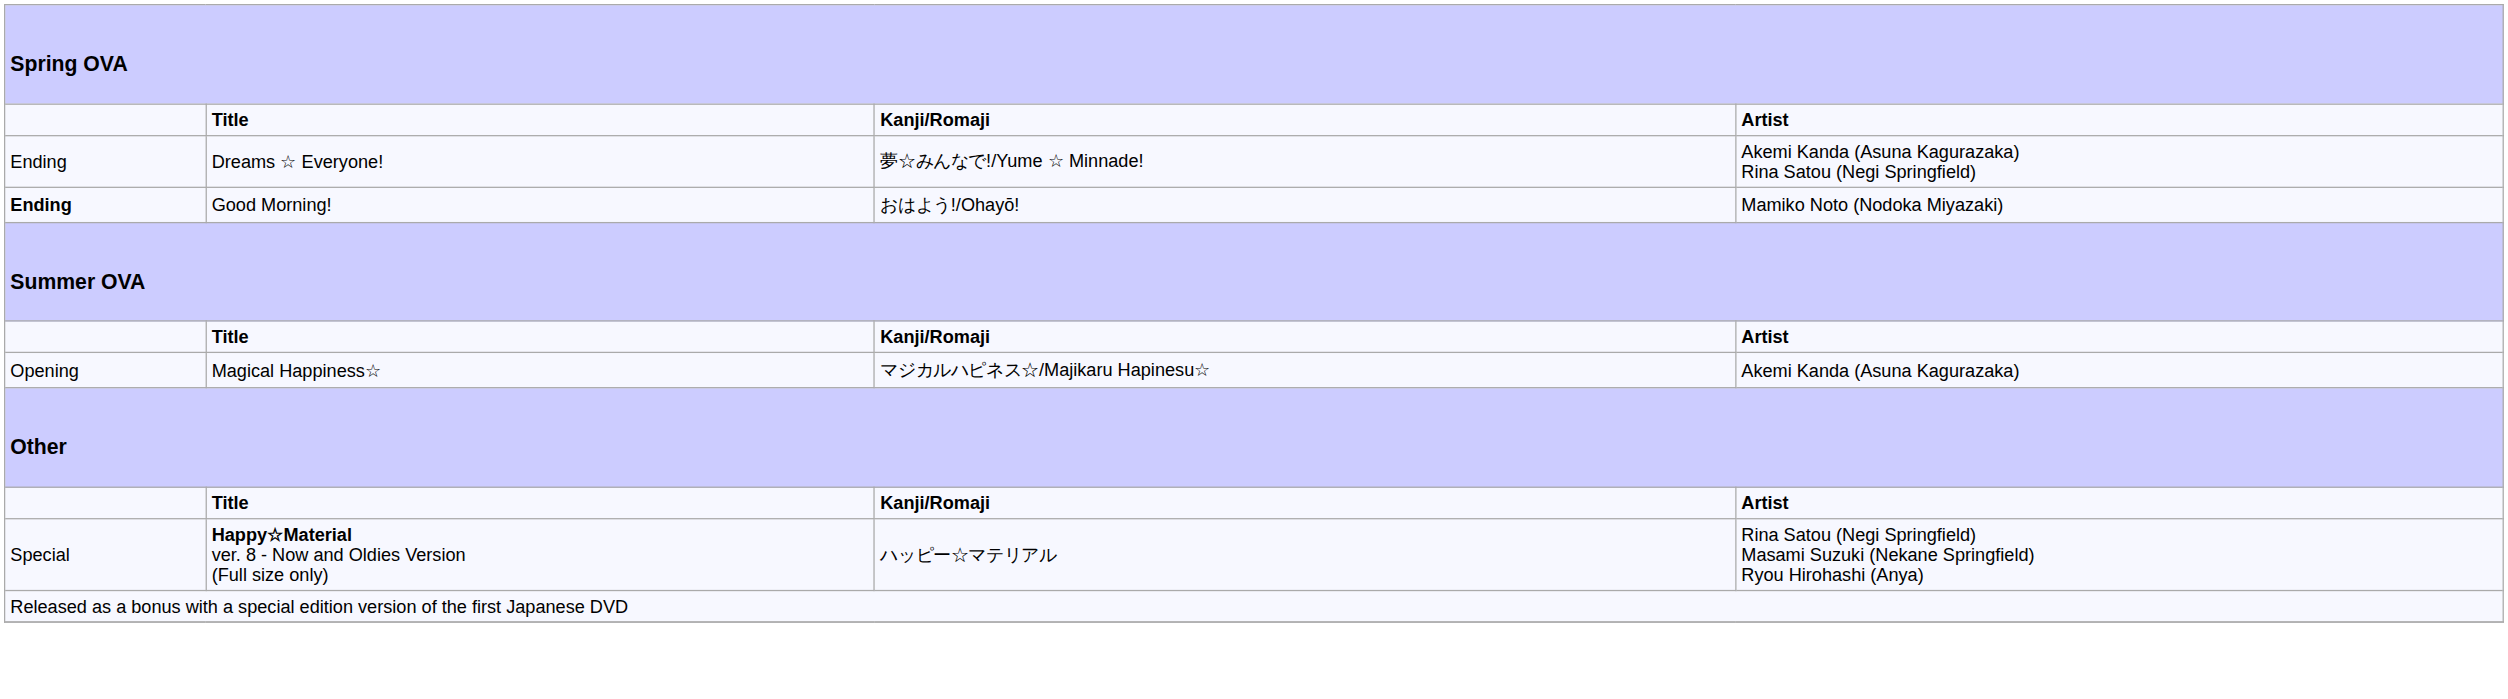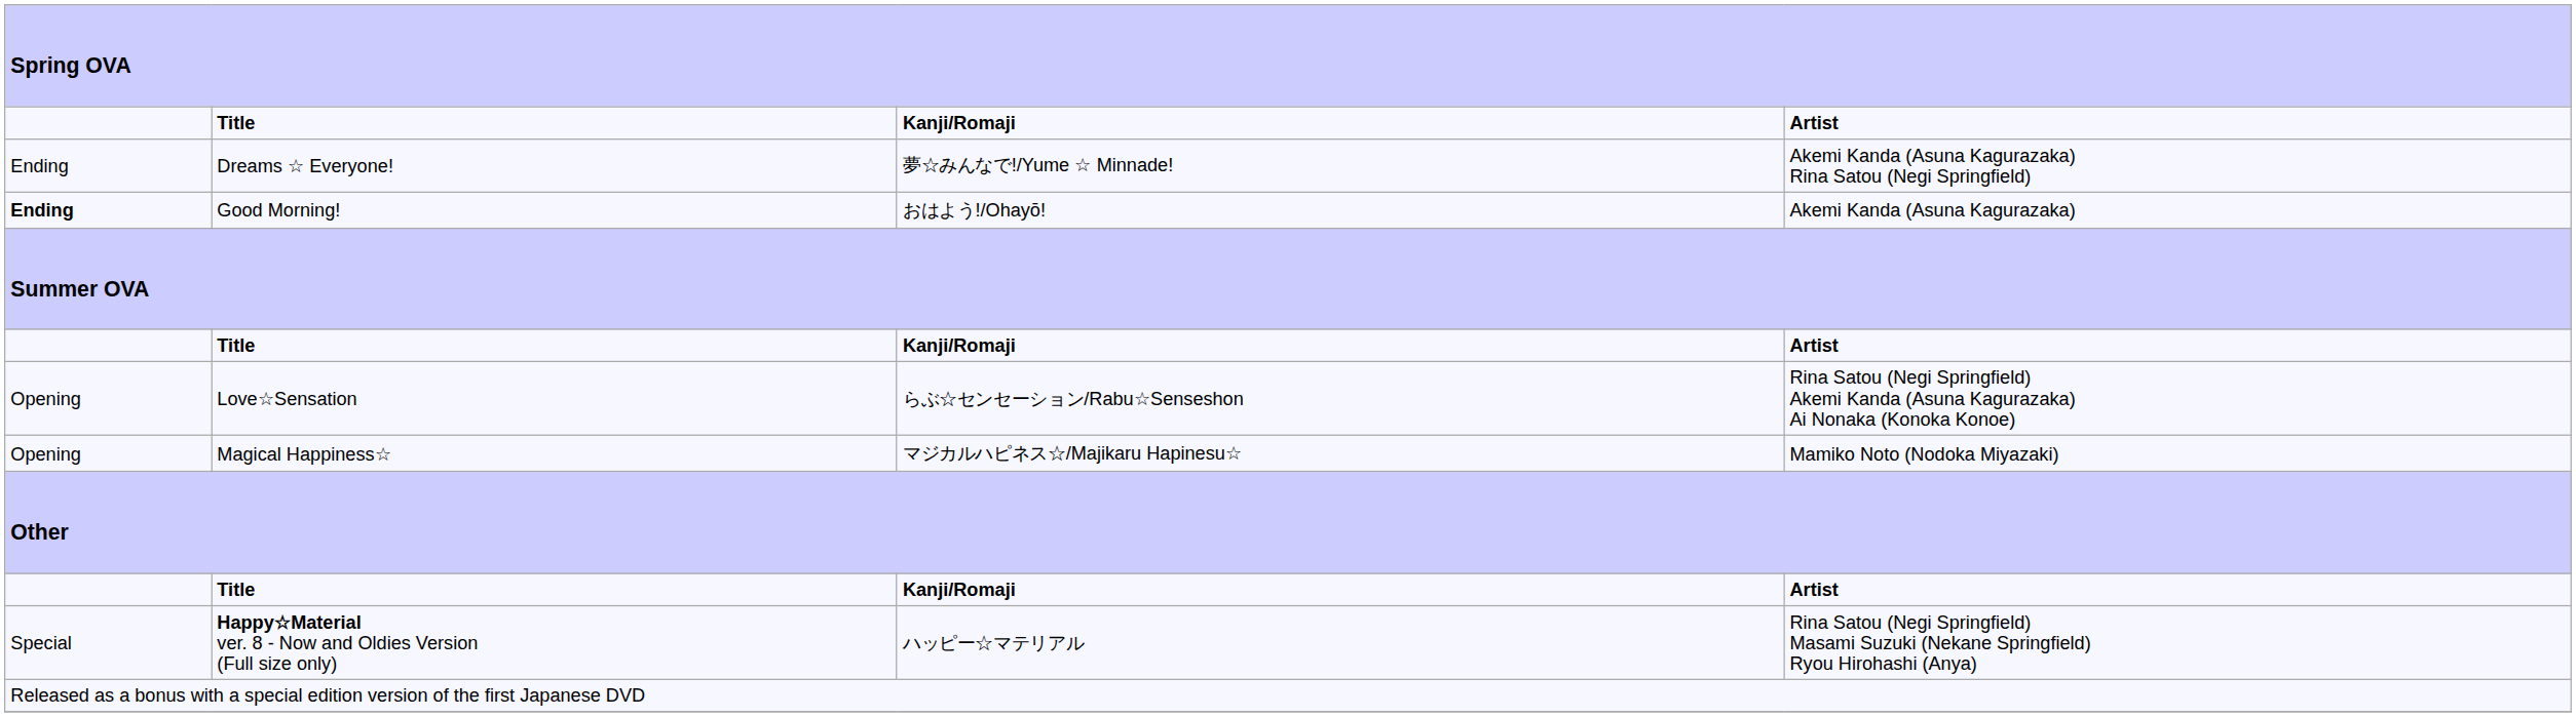 <table border="" cellpadding="4" width="100%" cellspacing="0" style="border: 1px #aaaaaa solid; border-collapse: collapse; padding: 0.2em; margin: 1em 1em 1em 0; background: #f7f8ff; font-size:0.9em">
 <tr valign="middle" bgcolor="#ccccff">
 <td colspan=4><br><h3>Spring OVA</h3></td>
 </tr>
 <tr>
 <td></td>
 <td><strong>Title</strong></td>
 <td><strong>Kanji/Romaji</strong></td>
 <td><strong>Artist</strong></td>
 </tr>
 <tr>
 <td>Ending</td>
 <td>Dreams ☆ Everyone!</td>
 <td>夢☆みんなで!/Yume ☆ Minnade!</td>
 <td>Akemi Kanda (Asuna Kagurazaka) <br> Rina Satou (Negi Springfield)</td>
 </tr>
 <tr>
 <td><strong>Ending</strong></td>
 <td>Good Morning!</td>
 <td>おはよう!/Ohayō!</td>
-<td>Mamiko Noto (Nodoka Miyazaki)</td>
+<td>Akemi Kanda (Asuna Kagurazaka)</td>
 </tr>
 <tr bgcolor="#ccccff">
 <td colspan=4><br><h3>Summer OVA</h3></td>
 </tr>
 <tr>
 <td></td>
 <td><strong>Title</strong></td>
 <td><strong>Kanji/Romaji</strong></td>
 <td><strong>Artist</strong></td>
 </tr>
 <tr>
 <td>Opening</td>
+<td>Love☆Sensation</td>
+<td>らぶ☆センセーション/Rabu☆Senseshon</td>
+<td>Rina Satou (Negi Springfield)<br>Akemi Kanda (Asuna Kagurazaka)<br>Ai Nonaka (Konoka Konoe)</td>
+</tr>
+<tr>
+<td>Opening</td>
 <td>Magical Happiness☆</td>
 <td>マジカルハピネス☆/Majikaru Hapinesu☆</td>
-<td>Akemi Kanda (Asuna Kagurazaka)</td>
+<td>Mamiko Noto (Nodoka Miyazaki)</td>
 </tr>
 <tr bgcolor="#ccccff">
 <td colspan=4><br><h3>Other</h3></td>
 </tr>
 <tr>
 <td></td>
 <td><strong>Title</strong></td>
 <td><strong>Kanji/Romaji</strong></td>
 <td><strong>Artist</strong></td>
 </tr>
 <tr>
 <td>Special</td>
 <td><strong>Happy☆Material</strong><br>ver. 8 - Now and Oldies Version<br>(Full size only)</td>
 <td>ハッピー☆マテリアル</td>
 <td>Rina Satou (Negi Springfield)<br>Masami Suzuki (Nekane Springfield)<br>Ryou Hirohashi (Anya)</td>
 </tr>
 <tr>
 <td colspan=4>Released as a bonus with a special edition version of the first Japanese DVD</td>
 </tr>
 <tr>
 </tr>
 </table>
